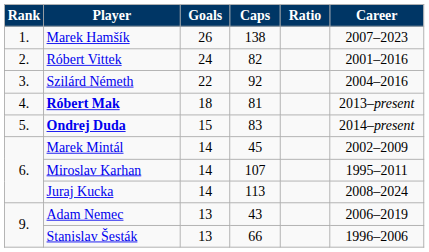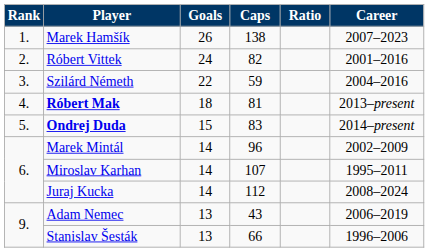 <table class="wikitable sortable" style="text-align: center;">
 <tr>
 <th width="30" style="background:#003665; color:white; ">Rank</th>
 <th width="150" style="background:#003665; color:white; ">Player</th>
 <th width="50" style="background:#003665; color:white; ">Goals</th>
 <th width="50" style="background:#003665; color:white; ">Caps</th>
 <th width="50" style="background:#003665; color:white; ">Ratio</th>
 <th width="100" style="background:#003665; color:white; ">Career</th>
 </tr>
 <tr>
 <td>1.</td>
 <td align=left><a href='#'>Marek Hamšík</a></td>
 <td>26</td>
 <td>138</td>
 <td></td>
 <td>2007–2023</td>
 </tr>
 <tr>
 <td>2.</td>
 <td align=left><a href='#'>Róbert Vittek</a></td>
 <td>24</td>
 <td>82</td>
 <td></td>
 <td>2001–2016</td>
 </tr>
 <tr>
 <td>3.</td>
 <td align=left><a href='#'>Szilárd Németh</a></td>
 <td>22</td>
-<td>92</td>
+<td>59</td>
 <td></td>
 <td>2004–2016</td>
 </tr>
 <tr>
 <td>4.</td>
 <td align=left><strong><a href='#'>Róbert Mak</a></strong></td>
 <td>18</td>
 <td>81</td>
 <td></td>
 <td>2013–<em>present</em></td>
 </tr>
 <tr>
 <td>5.</td>
 <td align=left><strong><a href='#'>Ondrej Duda</a></strong></td>
 <td>15</td>
 <td>83</td>
 <td></td>
 <td>2014–<em>present</em></td>
 </tr>
 <tr>
 <td rowspan=3>6.</td>
 <td align=left><a href='#'>Marek Mintál</a></td>
 <td>14</td>
-<td>45</td>
+<td>96</td>
 <td></td>
 <td>2002–2009</td>
 </tr>
 <tr>
 <td align=left><a href='#'>Miroslav Karhan</a></td>
 <td>14</td>
 <td>107</td>
 <td></td>
 <td>1995–2011</td>
 </tr>
 <tr>
 <td align=left><a href='#'>Juraj Kucka</a></td>
 <td>14</td>
-<td>113</td>
+<td>112</td>
 <td></td>
 <td>2008–2024</td>
 </tr>
 <tr>
 <td rowspan=2>9.</td>
 <td align=left><a href='#'>Adam Nemec</a></td>
 <td>13</td>
 <td>43</td>
 <td></td>
 <td>2006–2019</td>
 </tr>
 <tr>
 <td align=left><a href='#'>Stanislav Šesták</a></td>
 <td>13</td>
 <td>66</td>
 <td></td>
 <td>1996–2006</td>
 </tr>
 </table>
